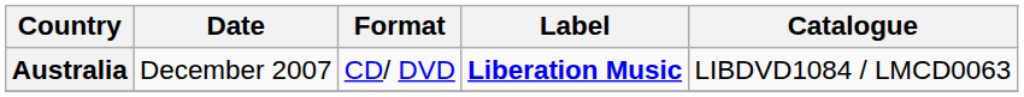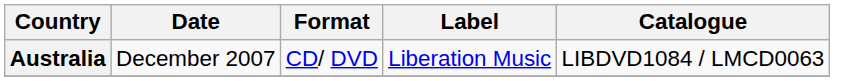 <table class="wikitable plainrowheaders">
 <tr>
 <th scope="col">Country</th>
 <th scope="col">Date</th>
 <th scope="col">Format</th>
 <th scope="col">Label</th>
 <th scope="col">Catalogue</th>
 </tr>
 <tr>
 <th scope="row">Australia</th>
 <td>December 2007</td>
 <td><a href='#'>CD</a>/ <a href='#'>DVD</a></td>
-<td><strong><a href='#'>Liberation Music</a></strong></td>
+<td><a href='#'>Liberation Music</a></td>
 <td>LIBDVD1084 / LMCD0063</td>
 </tr>
 <tr>
 </tr>
 </table>
